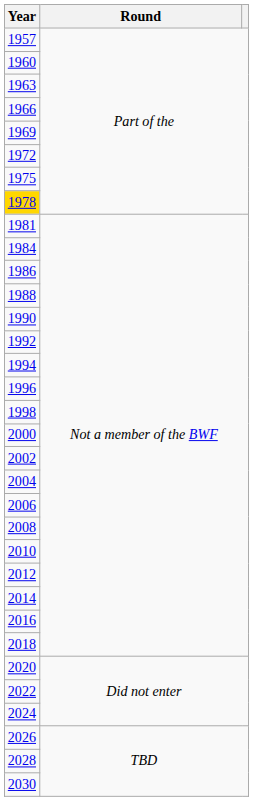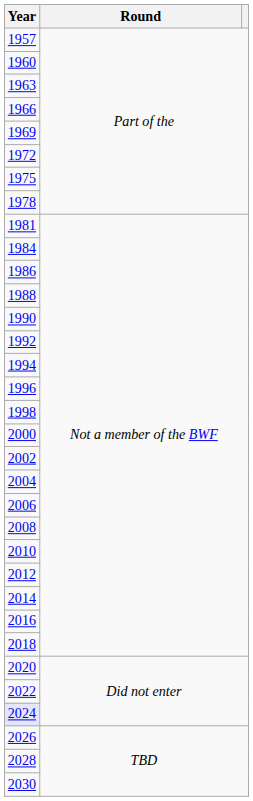 <table class="wikitable" style="text-align: center; font-size:90%">
 <tr>
 <th>Year</th>
 <th style="width:200px">Round</th>
 <th></th>
 </tr>
 <tr>
 <td><a href='#'>1957</a></td>
 <td colspan="2" rowspan="8"><em>Part of the </em></td>
 </tr>
 <tr>
 <td><a href='#'>1960</a></td>
 </tr>
 <tr>
 <td><a href='#'>1963</a></td>
 </tr>
 <tr>
 <td><a href='#'>1966</a></td>
 </tr>
 <tr>
 <td><a href='#'>1969</a></td>
 </tr>
 <tr>
 <td><a href='#'>1972</a></td>
 </tr>
 <tr>
 <td><a href='#'>1975</a></td>
 </tr>
 <tr>
-<td style="background: gold;"><a href='#'>1978</a></td>
+<td><a href='#'>1978</a></td>
 </tr>
 <tr>
 <td><a href='#'>1981</a></td>
 <td colspan="2" rowspan="19"><em>Not a member of the <a href='#'>BWF</a></em></td>
 </tr>
 <tr>
 <td><a href='#'>1984</a></td>
 </tr>
 <tr>
 <td><a href='#'>1986</a></td>
 </tr>
 <tr>
 <td><a href='#'>1988</a></td>
 </tr>
 <tr>
 <td><a href='#'>1990</a></td>
 </tr>
 <tr>
 <td><a href='#'>1992</a></td>
 </tr>
 <tr>
 <td><a href='#'>1994</a></td>
 </tr>
 <tr>
 <td><a href='#'>1996</a></td>
 </tr>
 <tr>
 <td><a href='#'>1998</a></td>
 </tr>
 <tr>
 <td><a href='#'>2000</a></td>
 </tr>
 <tr>
 <td><a href='#'>2002</a></td>
 </tr>
 <tr>
 <td><a href='#'>2004</a></td>
 </tr>
 <tr>
 <td><a href='#'>2006</a></td>
 </tr>
 <tr>
 <td><a href='#'>2008</a></td>
 </tr>
 <tr>
 <td><a href='#'>2010</a></td>
 </tr>
 <tr>
 <td><a href='#'>2012</a></td>
 </tr>
 <tr>
 <td><a href='#'>2014</a></td>
 </tr>
 <tr>
 <td><a href='#'>2016</a></td>
 </tr>
 <tr>
 <td><a href='#'>2018</a></td>
 </tr>
 <tr>
 <td><a href='#'>2020</a></td>
 <td colspan="2" rowspan="3"><em>Did not enter</em></td>
 </tr>
 <tr>
 <td><a href='#'>2022</a></td>
 </tr>
 <tr>
-<td><a href='#'>2024</a></td>
+<td style="background: lavender;"><a href='#'>2024</a></td>
 </tr>
 <tr>
 <td><a href='#'>2026</a></td>
 <td colspan="2" rowspan="3"><em>TBD</em></td>
 </tr>
 <tr>
 <td><a href='#'>2028</a></td>
 </tr>
 <tr>
 <td><a href='#'>2030</a></td>
 </tr>
 </table>
